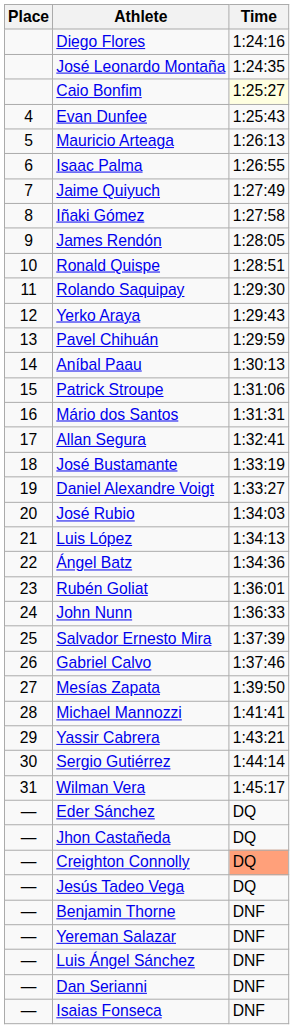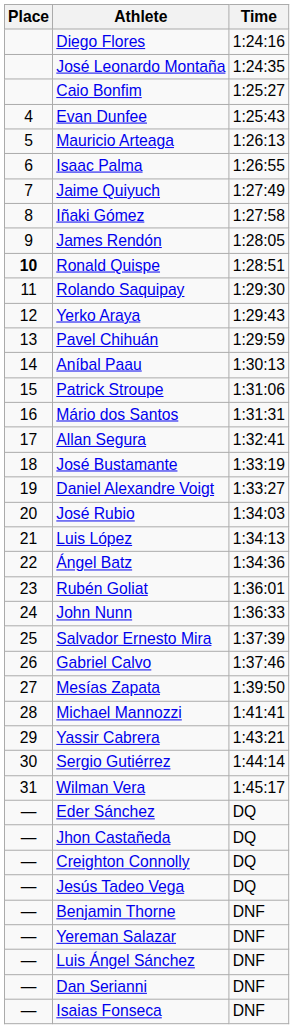 <table class=wikitable>
 <tr>
 <th>Place</th>
 <th>Athlete</th>
 <th>Time</th>
 </tr>
 <tr>
 <td align=center></td>
 <td><a href='#'>Diego Flores</a> </td>
 <td>1:24:16</td>
 </tr>
 <tr>
 <td align=center></td>
 <td><a href='#'>José Leonardo Montaña</a> </td>
 <td>1:24:35</td>
 </tr>
 <tr>
 <td align=center></td>
 <td><a href='#'>Caio Bonfim</a> </td>
-<td style="background: lightyellow;">1:25:27</td>
+<td>1:25:27</td>
 </tr>
 <tr>
 <td align=center>4</td>
 <td><a href='#'>Evan Dunfee</a> </td>
 <td>1:25:43</td>
 </tr>
 <tr>
 <td align=center>5</td>
 <td><a href='#'>Mauricio Arteaga</a> </td>
 <td>1:26:13</td>
 </tr>
 <tr>
 <td align=center>6</td>
 <td><a href='#'>Isaac Palma</a> </td>
 <td>1:26:55</td>
 </tr>
 <tr>
 <td align=center>7</td>
 <td><a href='#'>Jaime Quiyuch</a> </td>
 <td>1:27:49</td>
 </tr>
 <tr>
 <td align=center>8</td>
 <td><a href='#'>Iñaki Gómez</a> </td>
 <td>1:27:58</td>
 </tr>
 <tr>
 <td align=center>9</td>
 <td><a href='#'>James Rendón</a> </td>
 <td>1:28:05</td>
 </tr>
 <tr>
-<td align=center>10</td>
+<td align=center><strong>10</strong></td>
 <td><a href='#'>Ronald Quispe</a> </td>
 <td>1:28:51</td>
 </tr>
 <tr>
 <td align=center>11</td>
 <td><a href='#'>Rolando Saquipay</a> </td>
 <td>1:29:30</td>
 </tr>
 <tr>
 <td align=center>12</td>
 <td><a href='#'>Yerko Araya</a> </td>
 <td>1:29:43</td>
 </tr>
 <tr>
 <td align=center>13</td>
 <td><a href='#'>Pavel Chihuán</a> </td>
 <td>1:29:59</td>
 </tr>
 <tr>
 <td align=center>14</td>
 <td><a href='#'>Aníbal Paau</a> </td>
 <td>1:30:13</td>
 </tr>
 <tr>
 <td align=center>15</td>
 <td><a href='#'>Patrick Stroupe</a> </td>
 <td>1:31:06</td>
 </tr>
 <tr>
 <td align=center>16</td>
 <td><a href='#'>Mário dos Santos</a> </td>
 <td>1:31:31</td>
 </tr>
 <tr>
 <td align=center>17</td>
 <td><a href='#'>Allan Segura</a> </td>
 <td>1:32:41</td>
 </tr>
 <tr>
 <td align=center>18</td>
 <td><a href='#'>José Bustamante</a> </td>
 <td>1:33:19</td>
 </tr>
 <tr>
 <td align=center>19</td>
 <td><a href='#'>Daniel Alexandre Voigt</a> </td>
 <td>1:33:27</td>
 </tr>
 <tr>
 <td align=center>20</td>
 <td><a href='#'>José Rubio</a> </td>
 <td>1:34:03</td>
 </tr>
 <tr>
 <td align=center>21</td>
 <td><a href='#'>Luis López</a> </td>
 <td>1:34:13</td>
 </tr>
 <tr>
 <td align=center>22</td>
 <td><a href='#'>Ángel Batz</a> </td>
 <td>1:34:36</td>
 </tr>
 <tr>
 <td align=center>23</td>
 <td><a href='#'>Rubén Goliat</a> </td>
 <td>1:36:01</td>
 </tr>
 <tr>
 <td align=center>24</td>
 <td><a href='#'>John Nunn</a> </td>
 <td>1:36:33</td>
 </tr>
 <tr>
 <td align=center>25</td>
 <td><a href='#'>Salvador Ernesto Mira</a> </td>
 <td>1:37:39</td>
 </tr>
 <tr>
 <td align=center>26</td>
 <td><a href='#'>Gabriel Calvo</a> </td>
 <td>1:37:46</td>
 </tr>
 <tr>
 <td align=center>27</td>
 <td><a href='#'>Mesías Zapata</a> </td>
 <td>1:39:50</td>
 </tr>
 <tr>
 <td align=center>28</td>
 <td><a href='#'>Michael Mannozzi</a> </td>
 <td>1:41:41</td>
 </tr>
 <tr>
 <td align=center>29</td>
 <td><a href='#'>Yassir Cabrera</a> </td>
 <td>1:43:21</td>
 </tr>
 <tr>
 <td align=center>30</td>
 <td><a href='#'>Sergio Gutiérrez</a> </td>
 <td>1:44:14</td>
 </tr>
 <tr>
 <td align=center>31</td>
 <td><a href='#'>Wilman Vera</a> </td>
 <td>1:45:17</td>
 </tr>
 <tr>
 <td align=center>—</td>
 <td><a href='#'>Eder Sánchez</a> </td>
 <td>DQ</td>
 </tr>
 <tr>
 <td align=center>—</td>
 <td><a href='#'>Jhon Castañeda</a> </td>
 <td>DQ</td>
 </tr>
 <tr>
 <td align=center>—</td>
 <td><a href='#'>Creighton Connolly</a> </td>
-<td style="background: lightsalmon;">DQ</td>
+<td>DQ</td>
 </tr>
 <tr>
 <td align=center>—</td>
 <td><a href='#'>Jesús Tadeo Vega</a> </td>
 <td>DQ</td>
 </tr>
 <tr>
 <td align=center>—</td>
 <td><a href='#'>Benjamin Thorne</a> </td>
 <td>DNF</td>
 </tr>
 <tr>
 <td align=center>—</td>
 <td><a href='#'>Yereman Salazar</a> </td>
 <td>DNF</td>
 </tr>
 <tr>
 <td align=center>—</td>
 <td><a href='#'>Luis Ángel Sánchez</a> </td>
 <td>DNF</td>
 </tr>
 <tr>
 <td align=center>—</td>
 <td><a href='#'>Dan Serianni</a> </td>
 <td>DNF</td>
 </tr>
 <tr>
 <td align=center>—</td>
 <td><a href='#'>Isaias Fonseca</a> </td>
 <td>DNF</td>
 </tr>
 </table>
